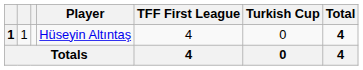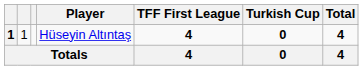 <table class="wikitable" style="text-align:center">
 <tr>
 <th></th>
 <th></th>
 <th></th>
 <th>Player</th>
 <th>TFF First League</th>
 <th>Turkish Cup</th>
 <th>Total</th>
 </tr>
 <tr>
 <th>1</th>
 <td>1</td>
 <td></td>
 <td align=left><a href='#'>Hüseyin Altıntaş</a></td>
-<td>4</td>
-<td>0</td>
+<td><strong>4</strong></td>
+<td><strong>0</strong></td>
 <td><strong>4</strong></td>
 </tr>
 <tr>
 <th colspan=4><strong>Totals</strong></th>
 <th>4</th>
 <th>0</th>
 <th>4</th>
 </tr>
 </table>
